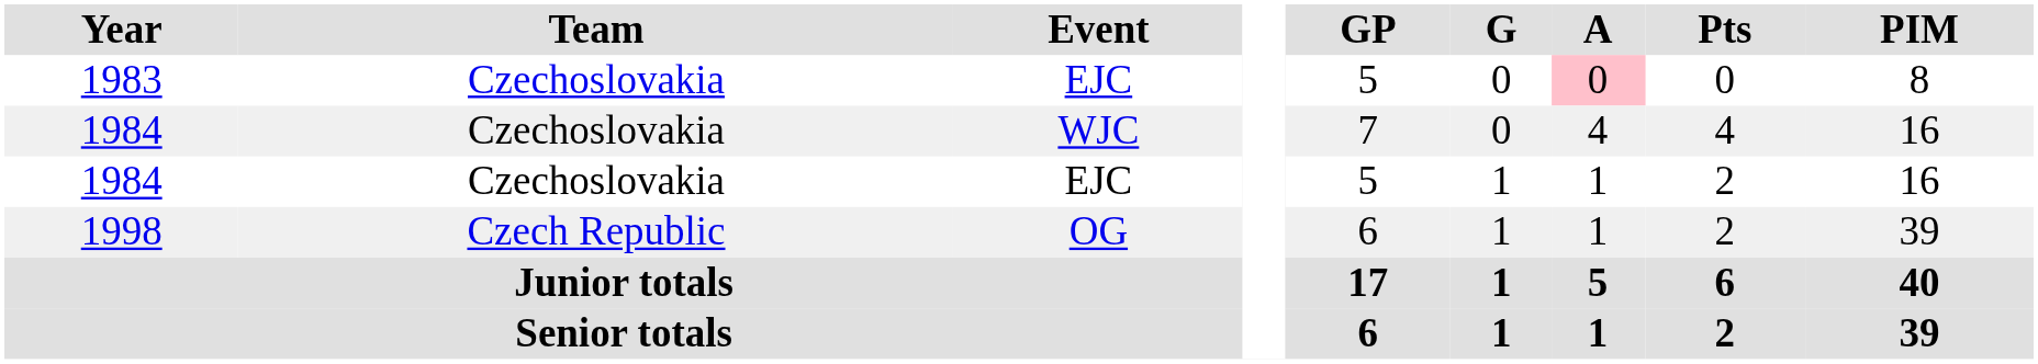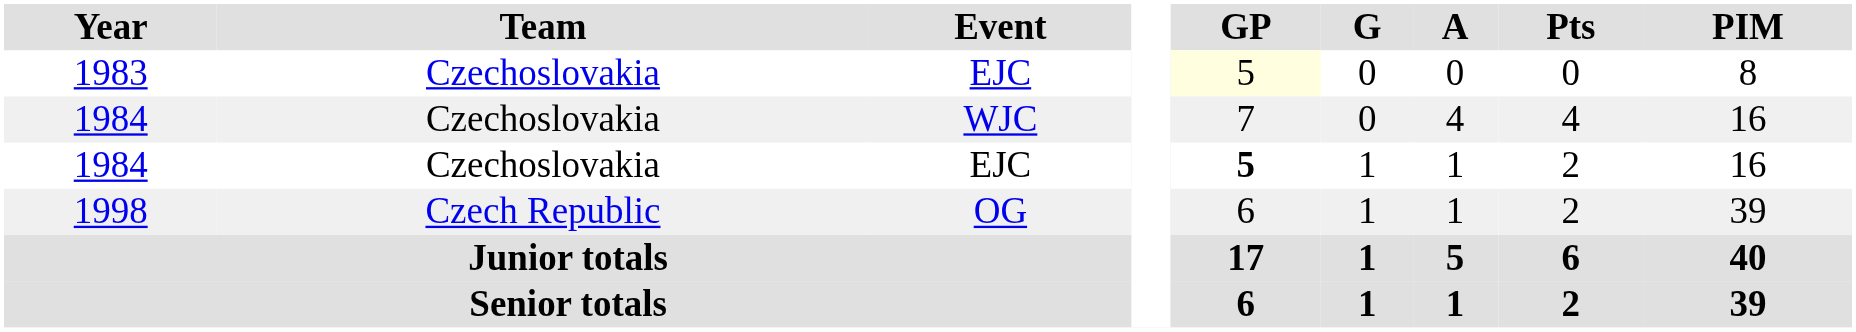 <table border="0" cellpadding="1" cellspacing="0" style="text-align:center; width:50em">
 <tr align="center" bgcolor="#e0e0e0">
 <th>Year</th>
 <th>Team</th>
 <th>Event</th>
 <th rowspan="99" bgcolor="#ffffff"> </th>
 <th>GP</th>
 <th>G</th>
 <th>A</th>
 <th>Pts</th>
 <th>PIM</th>
 </tr>
 <tr>
 <td><a href='#'>1983</a></td>
 <td><a href='#'>Czechoslovakia</a></td>
 <td><a href='#'>EJC</a></td>
-<td>5</td>
+<td style="background: lightyellow;">5</td>
 <td>0</td>
-<td style="background: pink;">0</td>
+<td>0</td>
 <td>0</td>
 <td>8</td>
 </tr>
 <tr bgcolor="#f0f0f0">
 <td><a href='#'>1984</a></td>
 <td>Czechoslovakia</td>
 <td><a href='#'>WJC</a></td>
 <td>7</td>
 <td>0</td>
 <td>4</td>
 <td>4</td>
 <td>16</td>
 </tr>
 <tr>
 <td><a href='#'>1984</a></td>
 <td>Czechoslovakia</td>
 <td>EJC</td>
-<td>5</td>
+<td><strong>5</strong></td>
 <td>1</td>
 <td>1</td>
 <td>2</td>
 <td>16</td>
 </tr>
 <tr bgcolor="#f0f0f0">
 <td><a href='#'>1998</a></td>
 <td><a href='#'>Czech Republic</a></td>
 <td><a href='#'>OG</a></td>
 <td>6</td>
 <td>1</td>
 <td>1</td>
 <td>2</td>
 <td>39</td>
 </tr>
 <tr bgcolor="#e0e0e0">
 <th colspan=3>Junior totals</th>
 <th>17</th>
 <th>1</th>
 <th>5</th>
 <th>6</th>
 <th>40</th>
 </tr>
 <tr bgcolor="#e0e0e0">
 <th colspan=3>Senior totals</th>
 <th>6</th>
 <th>1</th>
 <th>1</th>
 <th>2</th>
 <th>39</th>
 </tr>
 </table>
